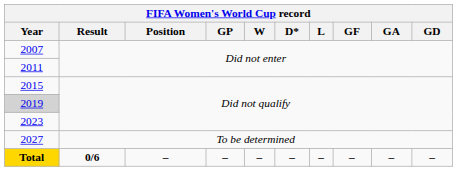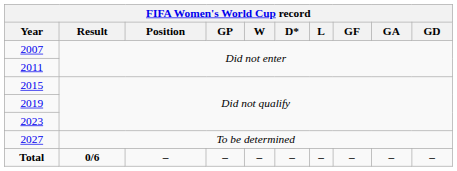 <table class="wikitable" style="text-align: center; width:50%;">
 <tr>
 <th colspan=10><a href='#'>FIFA Women's World Cup</a> record</th>
 </tr>
 <tr>
 <th>Year</th>
 <th>Result</th>
 <th>Position</th>
 <th>GP</th>
 <th>W</th>
 <th>D*</th>
 <th>L</th>
 <th>GF</th>
 <th>GA</th>
 <th>GD</th>
 </tr>
 <tr>
 <td> <a href='#'>2007</a></td>
 <td colspan=9 rowspan=2><em>Did not enter</em></td>
 </tr>
 <tr>
 <td> <a href='#'>2011</a></td>
 </tr>
 <tr>
 <td> <a href='#'>2015</a></td>
 <td colspan=9 rowspan=3><em>Did not qualify</em></td>
 </tr>
 <tr>
-<td style="background: lightgrey;"> <a href='#'>2019</a></td>
+<td> <a href='#'>2019</a></td>
 </tr>
 <tr>
 <td> <a href='#'>2023</a></td>
 </tr>
 <tr>
 <td> <a href='#'>2027</a></td>
 <td colspan=9><em>To be determined</em></td>
 </tr>
 <tr>
-<td style="background: gold;"><strong>Total</strong></td>
+<td><strong>Total</strong></td>
 <td><strong>0/6</strong></td>
 <td><strong>–</strong></td>
 <td><strong>–</strong></td>
 <td><strong>–</strong></td>
 <td><strong>–</strong></td>
 <td><strong>–</strong></td>
 <td><strong>–</strong></td>
 <td><strong>–</strong></td>
 <td><strong>–</strong></td>
 </tr>
 </table>
